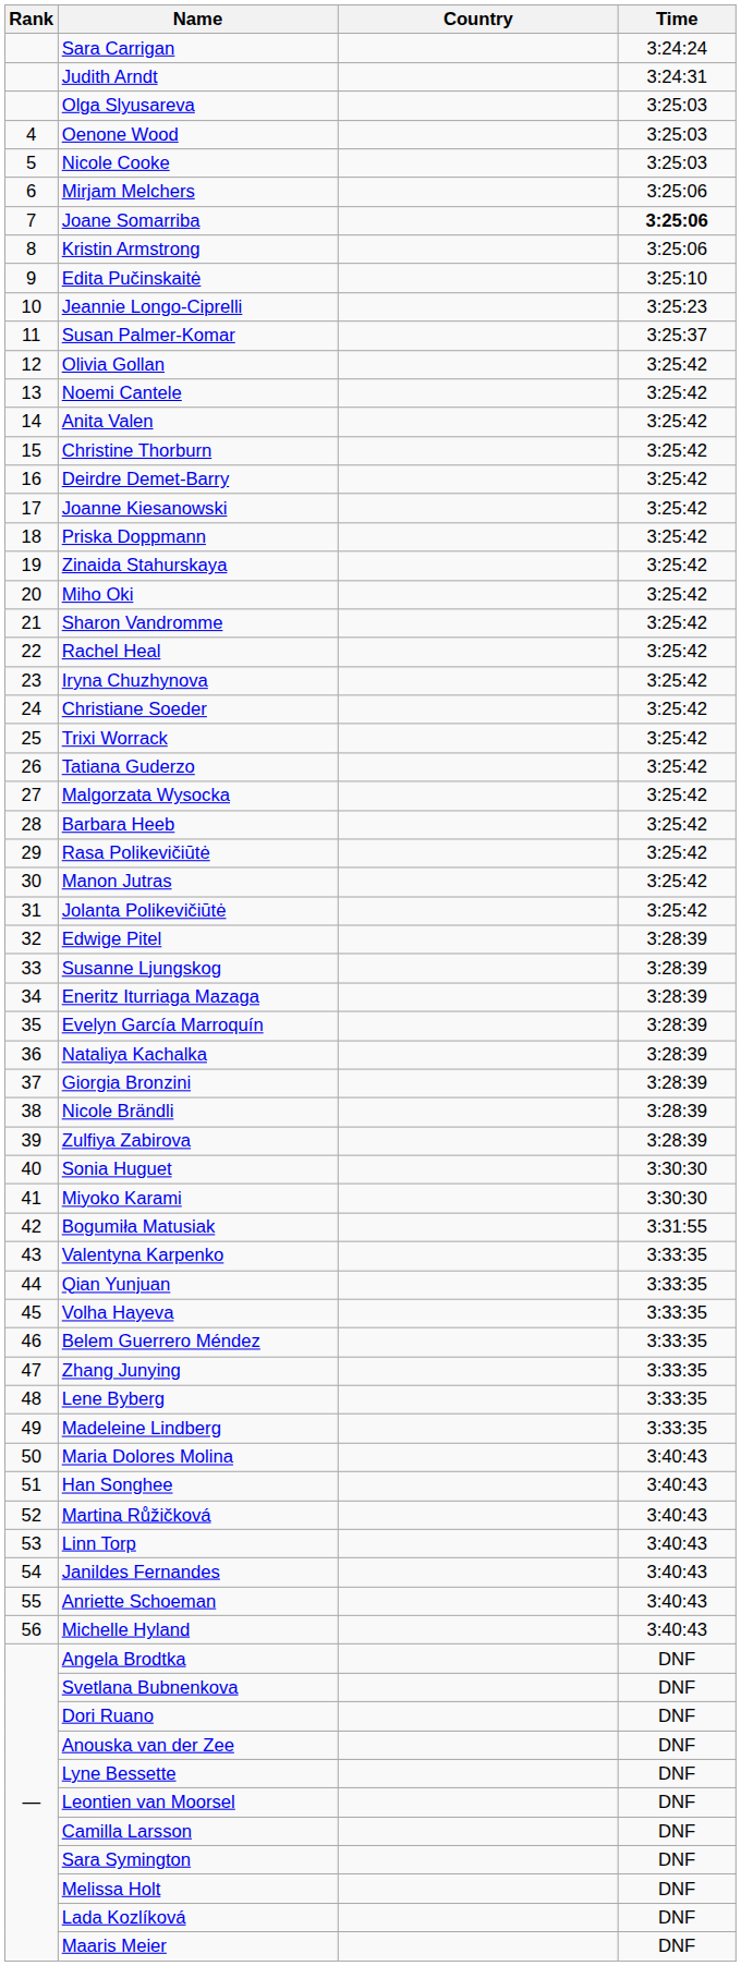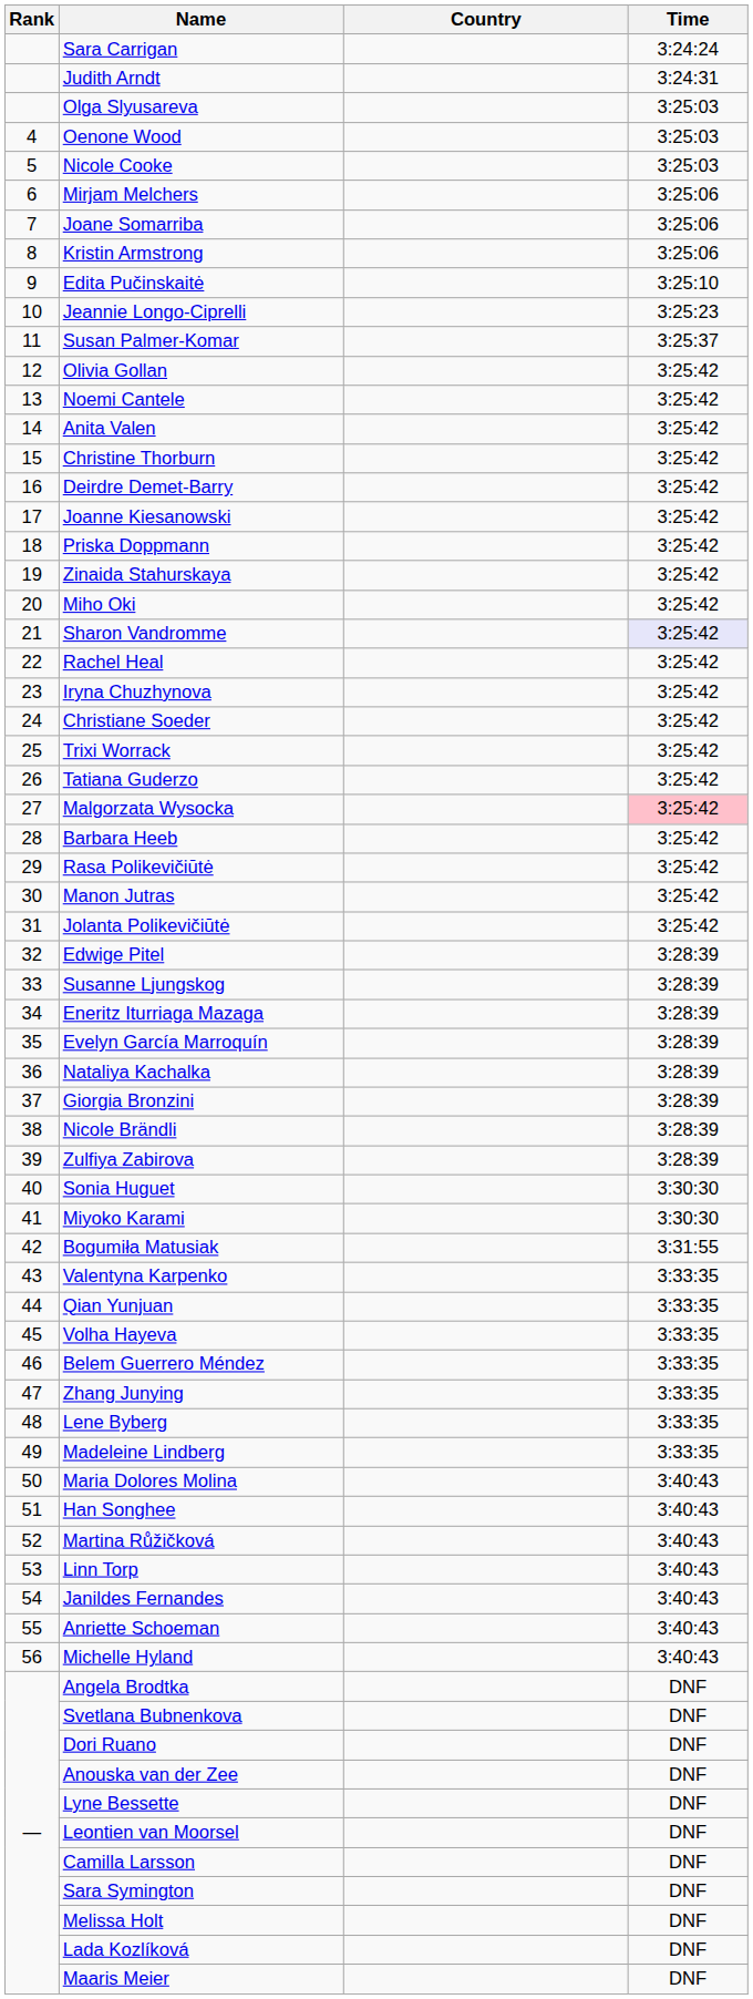 <table class="wikitable sortable" style="text-align:center;">
 <tr>
 <th>Rank</th>
 <th style="width:15em;">Name</th>
 <th style="width:15em;">Country</th>
 <th style="width:6em;">Time</th>
 </tr>
 <tr>
 <td></td>
 <td align=left><a href='#'>Sara Carrigan</a></td>
 <td></td>
 <td>3:24:24</td>
 </tr>
 <tr>
 <td></td>
 <td align=left><a href='#'>Judith Arndt</a></td>
 <td></td>
 <td>3:24:31</td>
 </tr>
 <tr>
 <td></td>
 <td align=left><a href='#'>Olga Slyusareva</a></td>
 <td></td>
 <td>3:25:03</td>
 </tr>
 <tr>
 <td>4</td>
 <td align=left><a href='#'>Oenone Wood</a></td>
 <td></td>
 <td>3:25:03</td>
 </tr>
 <tr>
 <td>5</td>
 <td align=left><a href='#'>Nicole Cooke</a></td>
 <td></td>
 <td>3:25:03</td>
 </tr>
 <tr>
 <td>6</td>
 <td align=left><a href='#'>Mirjam Melchers</a></td>
 <td></td>
 <td>3:25:06</td>
 </tr>
 <tr>
 <td>7</td>
 <td align=left><a href='#'>Joane Somarriba</a></td>
 <td></td>
-<td><strong>3:25:06</strong></td>
+<td>3:25:06</td>
 </tr>
 <tr>
 <td>8</td>
 <td align=left><a href='#'>Kristin Armstrong</a></td>
 <td></td>
 <td>3:25:06</td>
 </tr>
 <tr>
 <td>9</td>
 <td align=left><a href='#'>Edita Pučinskaitė</a></td>
 <td></td>
 <td>3:25:10</td>
 </tr>
 <tr>
 <td>10</td>
 <td align=left><a href='#'>Jeannie Longo-Ciprelli</a></td>
 <td></td>
 <td>3:25:23</td>
 </tr>
 <tr>
 <td>11</td>
 <td align=left><a href='#'>Susan Palmer-Komar</a></td>
 <td></td>
 <td>3:25:37</td>
 </tr>
 <tr>
 <td>12</td>
 <td align=left><a href='#'>Olivia Gollan</a></td>
 <td></td>
 <td>3:25:42</td>
 </tr>
 <tr>
 <td>13</td>
 <td align=left><a href='#'>Noemi Cantele</a></td>
 <td></td>
 <td>3:25:42</td>
 </tr>
 <tr>
 <td>14</td>
 <td align=left><a href='#'>Anita Valen</a></td>
 <td></td>
 <td>3:25:42</td>
 </tr>
 <tr>
 <td>15</td>
 <td align=left><a href='#'>Christine Thorburn</a></td>
 <td></td>
 <td>3:25:42</td>
 </tr>
 <tr>
 <td>16</td>
 <td align=left><a href='#'>Deirdre Demet-Barry</a></td>
 <td></td>
 <td>3:25:42</td>
 </tr>
 <tr>
 <td>17</td>
 <td align=left><a href='#'>Joanne Kiesanowski</a></td>
 <td></td>
 <td>3:25:42</td>
 </tr>
 <tr>
 <td>18</td>
 <td align=left><a href='#'>Priska Doppmann</a></td>
 <td></td>
 <td>3:25:42</td>
 </tr>
 <tr>
 <td>19</td>
 <td align=left><a href='#'>Zinaida Stahurskaya</a></td>
 <td></td>
 <td>3:25:42</td>
 </tr>
 <tr>
 <td>20</td>
 <td align=left><a href='#'>Miho Oki</a></td>
 <td></td>
 <td>3:25:42</td>
 </tr>
 <tr>
 <td>21</td>
 <td align=left><a href='#'>Sharon Vandromme</a></td>
 <td></td>
-<td>3:25:42</td>
+<td style="background: lavender;">3:25:42</td>
 </tr>
 <tr>
 <td>22</td>
 <td align=left><a href='#'>Rachel Heal</a></td>
 <td></td>
 <td>3:25:42</td>
 </tr>
 <tr>
 <td>23</td>
 <td align=left><a href='#'>Iryna Chuzhynova</a></td>
 <td></td>
 <td>3:25:42</td>
 </tr>
 <tr>
 <td>24</td>
 <td align=left><a href='#'>Christiane Soeder</a></td>
 <td></td>
 <td>3:25:42</td>
 </tr>
 <tr>
 <td>25</td>
 <td align=left><a href='#'>Trixi Worrack</a></td>
 <td></td>
 <td>3:25:42</td>
 </tr>
 <tr>
 <td>26</td>
 <td align=left><a href='#'>Tatiana Guderzo</a></td>
 <td></td>
 <td>3:25:42</td>
 </tr>
 <tr>
 <td>27</td>
 <td align=left><a href='#'>Malgorzata Wysocka</a></td>
 <td></td>
-<td>3:25:42</td>
+<td style="background: pink;">3:25:42</td>
 </tr>
 <tr>
 <td>28</td>
 <td align=left><a href='#'>Barbara Heeb</a></td>
 <td></td>
 <td>3:25:42</td>
 </tr>
 <tr>
 <td>29</td>
 <td align=left><a href='#'>Rasa Polikevičiūtė</a></td>
 <td></td>
 <td>3:25:42</td>
 </tr>
 <tr>
 <td>30</td>
 <td align=left><a href='#'>Manon Jutras</a></td>
 <td></td>
 <td>3:25:42</td>
 </tr>
 <tr>
 <td>31</td>
 <td align=left><a href='#'>Jolanta Polikevičiūtė</a></td>
 <td></td>
 <td>3:25:42</td>
 </tr>
 <tr>
 <td>32</td>
 <td align=left><a href='#'>Edwige Pitel</a></td>
 <td></td>
 <td>3:28:39</td>
 </tr>
 <tr>
 <td>33</td>
 <td align=left><a href='#'>Susanne Ljungskog</a></td>
 <td></td>
 <td>3:28:39</td>
 </tr>
 <tr>
 <td>34</td>
 <td align=left><a href='#'>Eneritz Iturriaga Mazaga</a></td>
 <td></td>
 <td>3:28:39</td>
 </tr>
 <tr>
 <td>35</td>
 <td align=left><a href='#'>Evelyn García Marroquín</a></td>
 <td></td>
 <td>3:28:39</td>
 </tr>
 <tr>
 <td>36</td>
 <td align=left><a href='#'>Nataliya Kachalka</a></td>
 <td></td>
 <td>3:28:39</td>
 </tr>
 <tr>
 <td>37</td>
 <td align=left><a href='#'>Giorgia Bronzini</a></td>
 <td></td>
 <td>3:28:39</td>
 </tr>
 <tr>
 <td>38</td>
 <td align=left><a href='#'>Nicole Brändli</a></td>
 <td></td>
 <td>3:28:39</td>
 </tr>
 <tr>
 <td>39</td>
 <td align=left><a href='#'>Zulfiya Zabirova</a></td>
 <td></td>
 <td>3:28:39</td>
 </tr>
 <tr>
 <td>40</td>
 <td align=left><a href='#'>Sonia Huguet</a></td>
 <td></td>
 <td>3:30:30</td>
 </tr>
 <tr>
 <td>41</td>
 <td align=left><a href='#'>Miyoko Karami</a></td>
 <td></td>
 <td>3:30:30</td>
 </tr>
 <tr>
 <td>42</td>
 <td align=left><a href='#'>Bogumiła Matusiak</a></td>
 <td></td>
 <td>3:31:55</td>
 </tr>
 <tr>
 <td>43</td>
 <td align=left><a href='#'>Valentyna Karpenko</a></td>
 <td></td>
 <td>3:33:35</td>
 </tr>
 <tr>
 <td>44</td>
 <td align=left><a href='#'>Qian Yunjuan</a></td>
 <td></td>
 <td>3:33:35</td>
 </tr>
 <tr>
 <td>45</td>
 <td align=left><a href='#'>Volha Hayeva</a></td>
 <td></td>
 <td>3:33:35</td>
 </tr>
 <tr>
 <td>46</td>
 <td align=left><a href='#'>Belem Guerrero Méndez</a></td>
 <td></td>
 <td>3:33:35</td>
 </tr>
 <tr>
 <td>47</td>
 <td align=left><a href='#'>Zhang Junying</a></td>
 <td></td>
 <td>3:33:35</td>
 </tr>
 <tr>
 <td>48</td>
 <td align=left><a href='#'>Lene Byberg</a></td>
 <td></td>
 <td>3:33:35</td>
 </tr>
 <tr>
 <td>49</td>
 <td align=left><a href='#'>Madeleine Lindberg</a></td>
 <td></td>
 <td>3:33:35</td>
 </tr>
 <tr>
 <td>50</td>
 <td align=left><a href='#'>Maria Dolores Molina</a></td>
 <td></td>
 <td>3:40:43</td>
 </tr>
 <tr>
 <td>51</td>
 <td align=left><a href='#'>Han Songhee</a></td>
 <td></td>
 <td>3:40:43</td>
 </tr>
 <tr>
 <td>52</td>
 <td align=left><a href='#'>Martina Růžičková</a></td>
 <td></td>
 <td>3:40:43</td>
 </tr>
 <tr>
 <td>53</td>
 <td align=left><a href='#'>Linn Torp</a></td>
 <td></td>
 <td>3:40:43</td>
 </tr>
 <tr>
 <td>54</td>
 <td align=left><a href='#'>Janildes Fernandes</a></td>
 <td></td>
 <td>3:40:43</td>
 </tr>
 <tr>
 <td>55</td>
 <td align=left><a href='#'>Anriette Schoeman</a></td>
 <td></td>
 <td>3:40:43</td>
 </tr>
 <tr>
 <td>56</td>
 <td align=left><a href='#'>Michelle Hyland</a></td>
 <td></td>
 <td>3:40:43</td>
 </tr>
 <tr>
 <td rowspan=11>—</td>
 <td align=left><a href='#'>Angela Brodtka</a></td>
 <td></td>
 <td>DNF</td>
 </tr>
 <tr>
 <td align=left><a href='#'>Svetlana Bubnenkova</a></td>
 <td></td>
 <td>DNF</td>
 </tr>
 <tr>
 <td align=left><a href='#'>Dori Ruano</a></td>
 <td></td>
 <td>DNF</td>
 </tr>
 <tr>
 <td align=left><a href='#'>Anouska van der Zee</a></td>
 <td></td>
 <td>DNF</td>
 </tr>
 <tr>
 <td align=left><a href='#'>Lyne Bessette</a></td>
 <td></td>
 <td>DNF</td>
 </tr>
 <tr>
 <td align=left><a href='#'>Leontien van Moorsel</a></td>
 <td></td>
 <td>DNF</td>
 </tr>
 <tr>
 <td align=left><a href='#'>Camilla Larsson</a></td>
 <td></td>
 <td>DNF</td>
 </tr>
 <tr>
 <td align=left><a href='#'>Sara Symington</a></td>
 <td></td>
 <td>DNF</td>
 </tr>
 <tr>
 <td align=left><a href='#'>Melissa Holt</a></td>
 <td></td>
 <td>DNF</td>
 </tr>
 <tr>
 <td align=left><a href='#'>Lada Kozlíková</a></td>
 <td></td>
 <td>DNF</td>
 </tr>
 <tr>
 <td align=left><a href='#'>Maaris Meier</a></td>
 <td></td>
 <td>DNF</td>
 </tr>
 </table>
